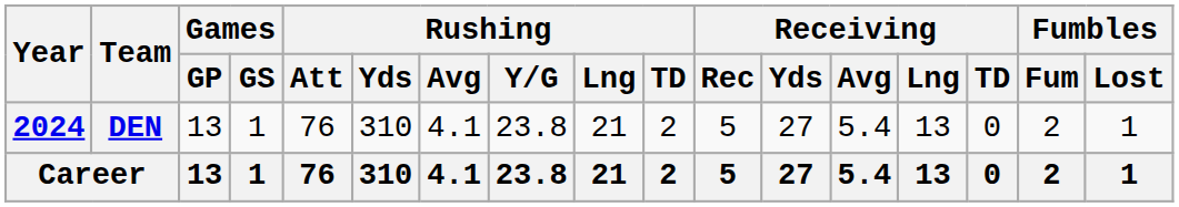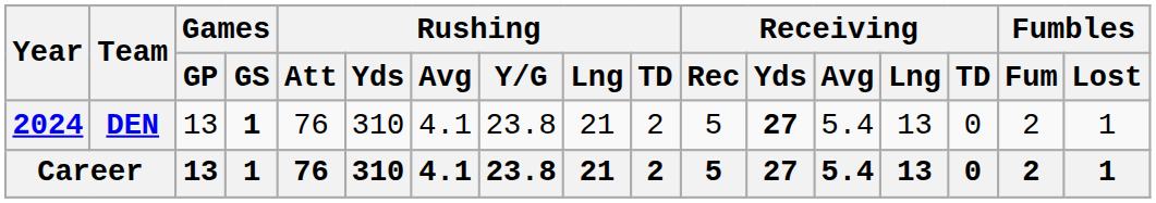 <table class= "wikitable" style="text-align:center;">
 <tr>
 <th rowspan="2">Year</th>
 <th rowspan="2">Team</th>
 <th colspan="2">Games</th>
 <th colspan="6">Rushing</th>
 <th colspan="5">Receiving</th>
 <th colspan="2">Fumbles</th>
 </tr>
 <tr>
 <th>GP</th>
 <th>GS</th>
 <th>Att</th>
 <th>Yds</th>
 <th>Avg</th>
 <th>Y/G</th>
 <th>Lng</th>
 <th>TD</th>
 <th>Rec</th>
 <th>Yds</th>
 <th>Avg</th>
 <th>Lng</th>
 <th>TD</th>
 <th>Fum</th>
 <th>Lost</th>
 </tr>
 <tr>
 <th><a href='#'>2024</a></th>
 <th><a href='#'>DEN</a></th>
 <td>13</td>
-<td>1</td>
+<td><strong>1</strong></td>
 <td>76</td>
 <td>310</td>
 <td>4.1</td>
 <td>23.8</td>
 <td>21</td>
 <td>2</td>
 <td>5</td>
-<td>27</td>
+<td><strong>27</strong></td>
 <td>5.4</td>
 <td>13</td>
 <td>0</td>
 <td>2</td>
 <td>1</td>
 </tr>
 <tr>
 <th colspan="2">Career</th>
 <th>13</th>
 <th>1</th>
 <th>76</th>
 <th>310</th>
 <th>4.1</th>
 <th>23.8</th>
 <th>21</th>
 <th>2</th>
 <th>5</th>
 <th>27</th>
 <th>5.4</th>
 <th>13</th>
 <th>0</th>
 <th>2</th>
 <th>1</th>
 </tr>
 </table>
